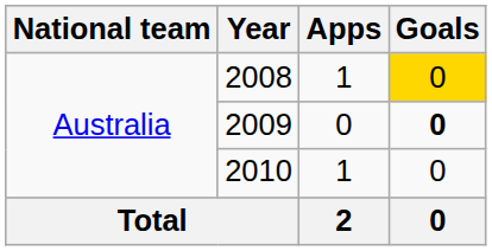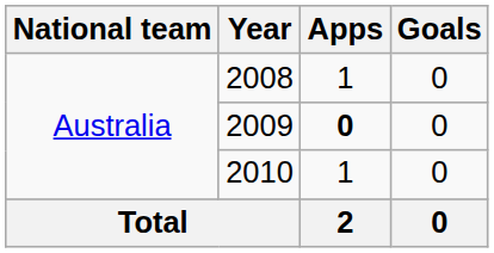 <table class="wikitable" style="text-align:center">
 <tr>
 <th>National team</th>
 <th>Year</th>
 <th>Apps</th>
 <th>Goals</th>
 </tr>
 <tr>
 <td rowspan="3"><a href='#'>Australia</a></td>
 <td>2008</td>
 <td>1</td>
-<td style="background: gold;">0</td>
+<td>0</td>
 </tr>
 <tr>
 <td>2009</td>
+<td><strong>0</strong></td>
 <td>0</td>
-<td><strong>0</strong></td>
 </tr>
 <tr>
 <td>2010</td>
 <td>1</td>
 <td>0</td>
 </tr>
 <tr>
 <th colspan="2">Total</th>
 <th>2</th>
 <th>0</th>
 </tr>
 </table>
